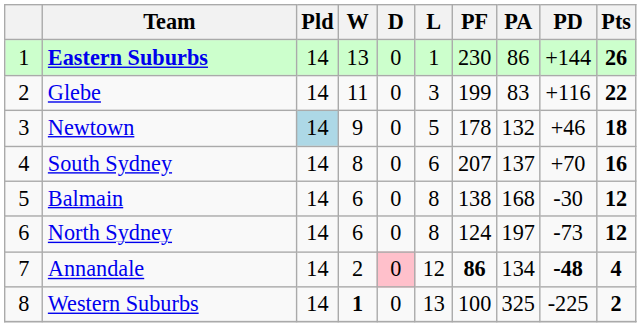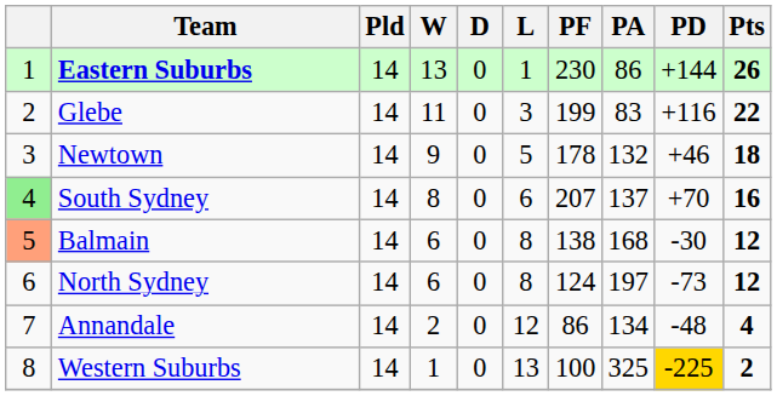 <table class="wikitable" style="text-align:center;">
 <tr>
 <th width=20 abbr="Position×"></th>
 <th width=175>Team</th>
 <th width=20 abbr="Played">Pld</th>
 <th width=20 abbr="Won">W</th>
 <th width=20 abbr="Drawn">D</th>
 <th width=20 abbr="Lost">L</th>
 <th width=20 abbr="Points for">PF</th>
 <th width=20 abbr="Points against">PA</th>
 <th width=20 abbr="Points difference">PD</th>
 <th width=20 abbr="Points">Pts</th>
 </tr>
 <tr style="background: #ccffcc;">
 <td>1</td>
 <td style="text-align:left;"> <strong><a href='#'>Eastern Suburbs</a></strong></td>
 <td>14</td>
 <td>13</td>
 <td>0</td>
 <td>1</td>
 <td>230</td>
 <td>86</td>
 <td>+144</td>
 <td><strong>26</strong></td>
 </tr>
 <tr>
 <td>2</td>
 <td style="text-align:left;"> <a href='#'>Glebe</a></td>
 <td>14</td>
 <td>11</td>
 <td>0</td>
 <td>3</td>
 <td>199</td>
 <td>83</td>
 <td>+116</td>
 <td><strong>22</strong></td>
 </tr>
 <tr>
 <td>3</td>
 <td style="text-align:left;"> <a href='#'>Newtown</a></td>
-<td style="background: lightblue;">14</td>
+<td>14</td>
 <td>9</td>
 <td>0</td>
 <td>5</td>
 <td>178</td>
 <td>132</td>
 <td>+46</td>
 <td><strong>18</strong></td>
 </tr>
 <tr>
-<td>4</td>
+<td style="background: lightgreen;">4</td>
 <td style="text-align:left;"> <a href='#'>South Sydney</a></td>
 <td>14</td>
 <td>8</td>
 <td>0</td>
 <td>6</td>
 <td>207</td>
 <td>137</td>
 <td>+70</td>
 <td><strong>16</strong></td>
 </tr>
 <tr>
-<td>5</td>
+<td style="background: lightsalmon;">5</td>
 <td style="text-align:left;"> <a href='#'>Balmain</a></td>
 <td>14</td>
 <td>6</td>
 <td>0</td>
 <td>8</td>
 <td>138</td>
 <td>168</td>
 <td>-30</td>
 <td><strong>12</strong></td>
 </tr>
 <tr>
 <td>6</td>
 <td style="text-align:left;"> <a href='#'>North Sydney</a></td>
 <td>14</td>
 <td>6</td>
 <td>0</td>
 <td>8</td>
 <td>124</td>
 <td>197</td>
 <td>-73</td>
 <td><strong>12</strong></td>
 </tr>
 <tr>
 <td>7</td>
 <td style="text-align:left;"> <a href='#'>Annandale</a></td>
 <td>14</td>
 <td>2</td>
-<td style="background: pink;">0</td>
+<td>0</td>
 <td>12</td>
-<td><strong>86</strong></td>
+<td>86</td>
 <td>134</td>
-<td><strong>-48</strong></td>
+<td>-48</td>
 <td><strong>4</strong></td>
 </tr>
 <tr>
 <td>8</td>
 <td style="text-align:left;"> <a href='#'>Western Suburbs</a></td>
 <td>14</td>
-<td><strong>1</strong></td>
+<td>1</td>
 <td>0</td>
 <td>13</td>
 <td>100</td>
 <td>325</td>
-<td>-225</td>
+<td style="background: gold;">-225</td>
 <td><strong>2</strong></td>
 </tr>
 <tr>
 </tr>
 </table>
